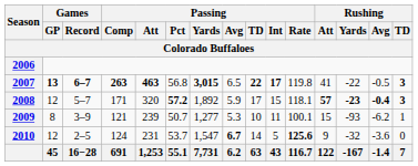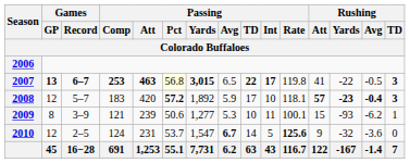 <table class="wikitable" style="text-align:center;">
 <tr>
 <th rowspan="2">Season</th>
 <th colspan="2">Games</th>
 <th colspan="8">Passing</th>
 <th colspan="4">Rushing</th>
 </tr>
 <tr>
 <th>GP</th>
 <th>Record</th>
 <th>Comp</th>
 <th>Att</th>
 <th>Pct</th>
 <th>Yards</th>
 <th>Avg</th>
 <th>TD</th>
 <th>Int</th>
 <th>Rate</th>
 <th>Att</th>
 <th>Yards</th>
 <th>Avg</th>
 <th>TD</th>
 </tr>
 <tr>
 <th colspan="16">Colorado Buffaloes</th>
 </tr>
 <tr>
 <th><a href='#'>2006</a></th>
 <td colspan="15"></td>
 </tr>
 <tr>
 <th><a href='#'>2007</a></th>
 <td><strong>13</strong></td>
 <td><strong>6–7</strong></td>
-<td><strong>263</strong></td>
+<td><strong>253</strong></td>
 <td><strong>463</strong></td>
-<td>56.8</td>
+<td style="background: lightyellow;">56.8</td>
 <td><strong>3,015</strong></td>
 <td>6.5</td>
 <td><strong>22</strong></td>
 <td><strong>17</strong></td>
 <td>119.8</td>
 <td>41</td>
 <td>-22</td>
 <td>-0.5</td>
 <td><strong>3</strong></td>
 </tr>
 <tr>
 <th><a href='#'>2008</a></th>
 <td>12</td>
 <td>5–7</td>
-<td>171</td>
-<td>320</td>
+<td>183</td>
+<td>420</td>
 <td><strong>57.2</strong></td>
 <td>1,892</td>
 <td>5.9</td>
 <td>17</td>
-<td>15</td>
+<td>10</td>
 <td>118.1</td>
 <td><strong>57</strong></td>
 <td><strong>-23</strong></td>
 <td><strong>-0.4</strong></td>
 <td><strong>3</strong></td>
 </tr>
 <tr>
 <th><a href='#'>2009</a></th>
 <td>8</td>
 <td>3–9</td>
 <td>121</td>
 <td>239</td>
-<td>50.7</td>
+<td>50.6</td>
 <td>1,277</td>
 <td>5.3</td>
 <td>10</td>
 <td>11</td>
 <td>100.1</td>
 <td>15</td>
 <td>-93</td>
 <td>-6.2</td>
 <td>1</td>
 </tr>
 <tr>
 <th><a href='#'>2010</a></th>
 <td>12</td>
 <td>2–5</td>
 <td>124</td>
 <td>231</td>
 <td>53.7</td>
 <td>1,547</td>
 <td><strong>6.7</strong></td>
 <td>14</td>
 <td>5</td>
 <td><strong>125.6</strong></td>
 <td>9</td>
 <td>-32</td>
 <td>-3.6</td>
 <td>0</td>
 </tr>
 <tr>
 <th></th>
 <th>45</th>
 <th>16−28</th>
 <th>691</th>
 <th>1,253</th>
 <th>55.1</th>
 <th>7,731</th>
 <th>6.2</th>
 <th>63</th>
 <th>43</th>
 <th>116.7</th>
 <th>122</th>
 <th>-167</th>
 <th>-1.4</th>
 <th>7</th>
 </tr>
 </table>
